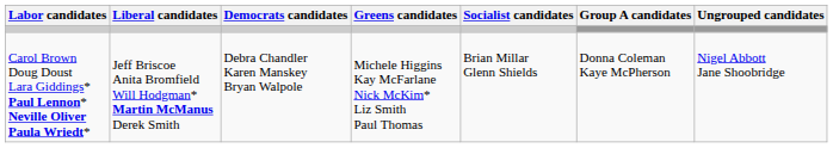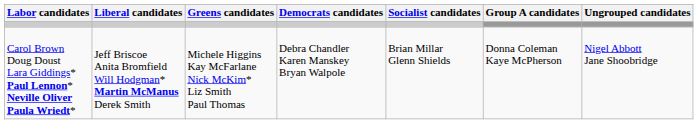 <table class="wikitable">
 <tr>
 <th><a href='#'>Labor</a> candidates</th>
 <th><a href='#'>Liberal</a> candidates</th>
+<th><a href='#'>Greens</a> candidates</th>
 <th><a href='#'>Democrats</a> candidates</th>
-<th><a href='#'>Greens</a> candidates</th>
 <th><a href='#'>Socialist</a> candidates</th>
 <th>Group A candidates</th>
 <th>Ungrouped candidates</th>
 </tr>
 <tr bgcolor="#cccccc">
 <td></td>
 <td></td>
 <td></td>
 <td></td>
 <td></td>
 <td bgcolor="#999999"></td>
 <td bgcolor="#999999"></td>
 </tr>
 <tr>
 <td><br><a href='#'>Carol Brown</a><br> Doug Doust<br> <a href='#'>Lara Giddings</a>*<br> <strong><a href='#'>Paul Lennon</a></strong>*<br> <strong><a href='#'>Neville Oliver</a></strong><br> <strong><a href='#'>Paula Wriedt</a></strong>*</td>
 <td><br>Jeff Briscoe<br> Anita Bromfield<br> <a href='#'>Will Hodgman</a>*<br> <strong><a href='#'>Martin McManus</a></strong><br> Derek Smith</td>
+<td><br>Michele Higgins<br> Kay McFarlane<br> <a href='#'>Nick McKim</a>*<br> Liz Smith<br> Paul Thomas</td>
 <td valign=top><br>Debra Chandler<br> Karen Manskey<br> Bryan Walpole</td>
-<td><br>Michele Higgins<br> Kay McFarlane<br> <a href='#'>Nick McKim</a>*<br> Liz Smith<br> Paul Thomas</td>
 <td valign=top><br>Brian Millar<br> Glenn Shields</td>
 <td valign=top><br>Donna Coleman<br> Kaye McPherson</td>
 <td valign=top><br><a href='#'>Nigel Abbott</a><br> Jane Shoobridge</td>
 </tr>
 </table>
